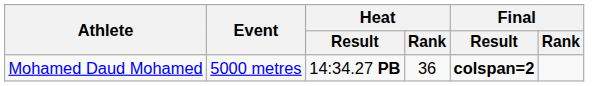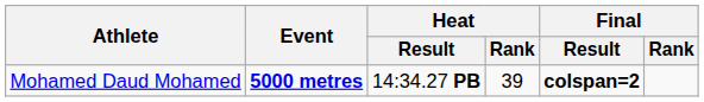 <table class="wikitable" style="font-size:90%">
 <tr>
 <th rowspan="2">Athlete</th>
 <th rowspan="2">Event</th>
 <th colspan="2">Heat</th>
 <th colspan="2">Final</th>
 </tr>
 <tr style="font-size:95%">
 <th>Result</th>
 <th>Rank</th>
 <th>Result</th>
 <th>Rank</th>
 </tr>
 <tr style=text-align:center>
 <td style=text-align:left><a href='#'>Mohamed Daud Mohamed</a></td>
-<td style=text-align:left><a href='#'>5000 metres</a></td>
+<td style=text-align:left><strong><a href='#'>5000 metres</a></strong></td>
 <td>14:34.27 <strong>PB</strong></td>
-<td>36</td>
+<td>39</td>
 <td><strong>colspan=2 </strong></td>
 </tr>
 </table>
